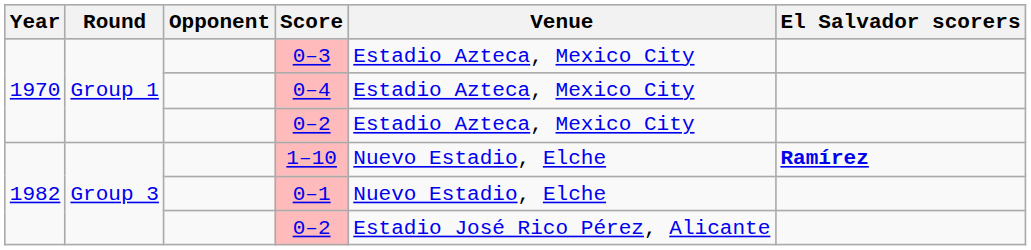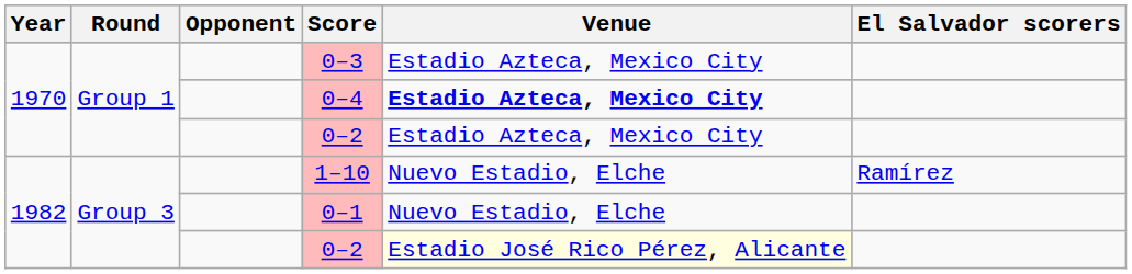 <table class="wikitable sortable" style="text-align:left;">
 <tr>
 <th>Year</th>
 <th>Round</th>
 <th>Opponent</th>
 <th>Score</th>
 <th>Venue</th>
 <th>El Salvador scorers</th>
 </tr>
 <tr>
 <td rowspan="3" align="center"><a href='#'>1970</a></td>
 <td rowspan="3"><a href='#'>Group 1</a></td>
 <td></td>
 <td align="center" bgcolor="#ffbbbb"><a href='#'>0–3</a></td>
 <td><a href='#'>Estadio Azteca</a>, <a href='#'>Mexico City</a></td>
 <td></td>
 </tr>
 <tr>
 <td></td>
 <td align="center" bgcolor="#ffbbbb"><a href='#'>0–4</a></td>
-<td><a href='#'>Estadio Azteca</a>, <a href='#'>Mexico City</a></td>
+<td><strong><a href='#'>Estadio Azteca</a>, <a href='#'>Mexico City</a></strong></td>
 <td></td>
 </tr>
 <tr>
 <td></td>
 <td align="center" bgcolor="#ffbbbb"><a href='#'>0–2</a></td>
 <td><a href='#'>Estadio Azteca</a>, <a href='#'>Mexico City</a></td>
 <td></td>
 </tr>
 <tr>
 <td rowspan="3" align="center"><a href='#'>1982</a></td>
 <td rowspan="3"><a href='#'>Group 3</a></td>
 <td></td>
 <td align="center" bgcolor="#ffbbbb"><a href='#'>1–10</a></td>
 <td><a href='#'>Nuevo Estadio</a>, <a href='#'>Elche</a></td>
-<td><strong><a href='#'>Ramírez</a></strong></td>
+<td><a href='#'>Ramírez</a></td>
 </tr>
 <tr>
 <td></td>
 <td align="center" bgcolor="#ffbbbb"><a href='#'>0–1</a></td>
 <td><a href='#'>Nuevo Estadio</a>, <a href='#'>Elche</a></td>
 <td></td>
 </tr>
 <tr>
 <td></td>
 <td align="center" bgcolor="#ffbbbb"><a href='#'>0–2</a></td>
-<td><a href='#'>Estadio José Rico Pérez</a>, <a href='#'>Alicante</a></td>
+<td style="background: lightyellow;"><a href='#'>Estadio José Rico Pérez</a>, <a href='#'>Alicante</a></td>
 <td></td>
 </tr>
 </table>
